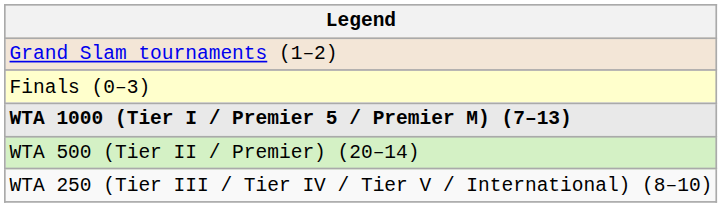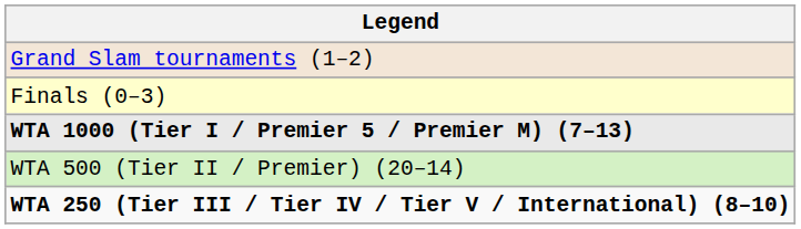 <table class=wikitable style=font-size:90%>
 <tr>
 <th>Legend</th>
 </tr>
 <tr>
 <td bgcolor=f3e6d7><a href='#'>Grand Slam tournaments</a> (1–2)</td>
 </tr>
 <tr>
 <td bgcolor=ffffcc>Finals (0–3)</td>
 </tr>
 <tr>
 <td bgcolor=e9e9e9><strong>WTA 1000 (Tier I / Premier 5 / Premier M) (7–13)</strong></td>
 </tr>
 <tr>
 <td bgcolor=d4f1c5>WTA 500 (Tier II / Premier) (20–14)</td>
 </tr>
 <tr>
-<td>WTA 250 (Tier III / Tier IV / Tier V / International) (8–10)</td>
+<td><strong>WTA 250 (Tier III / Tier IV / Tier V / International) (8–10)</strong></td>
 </tr>
 </table>
